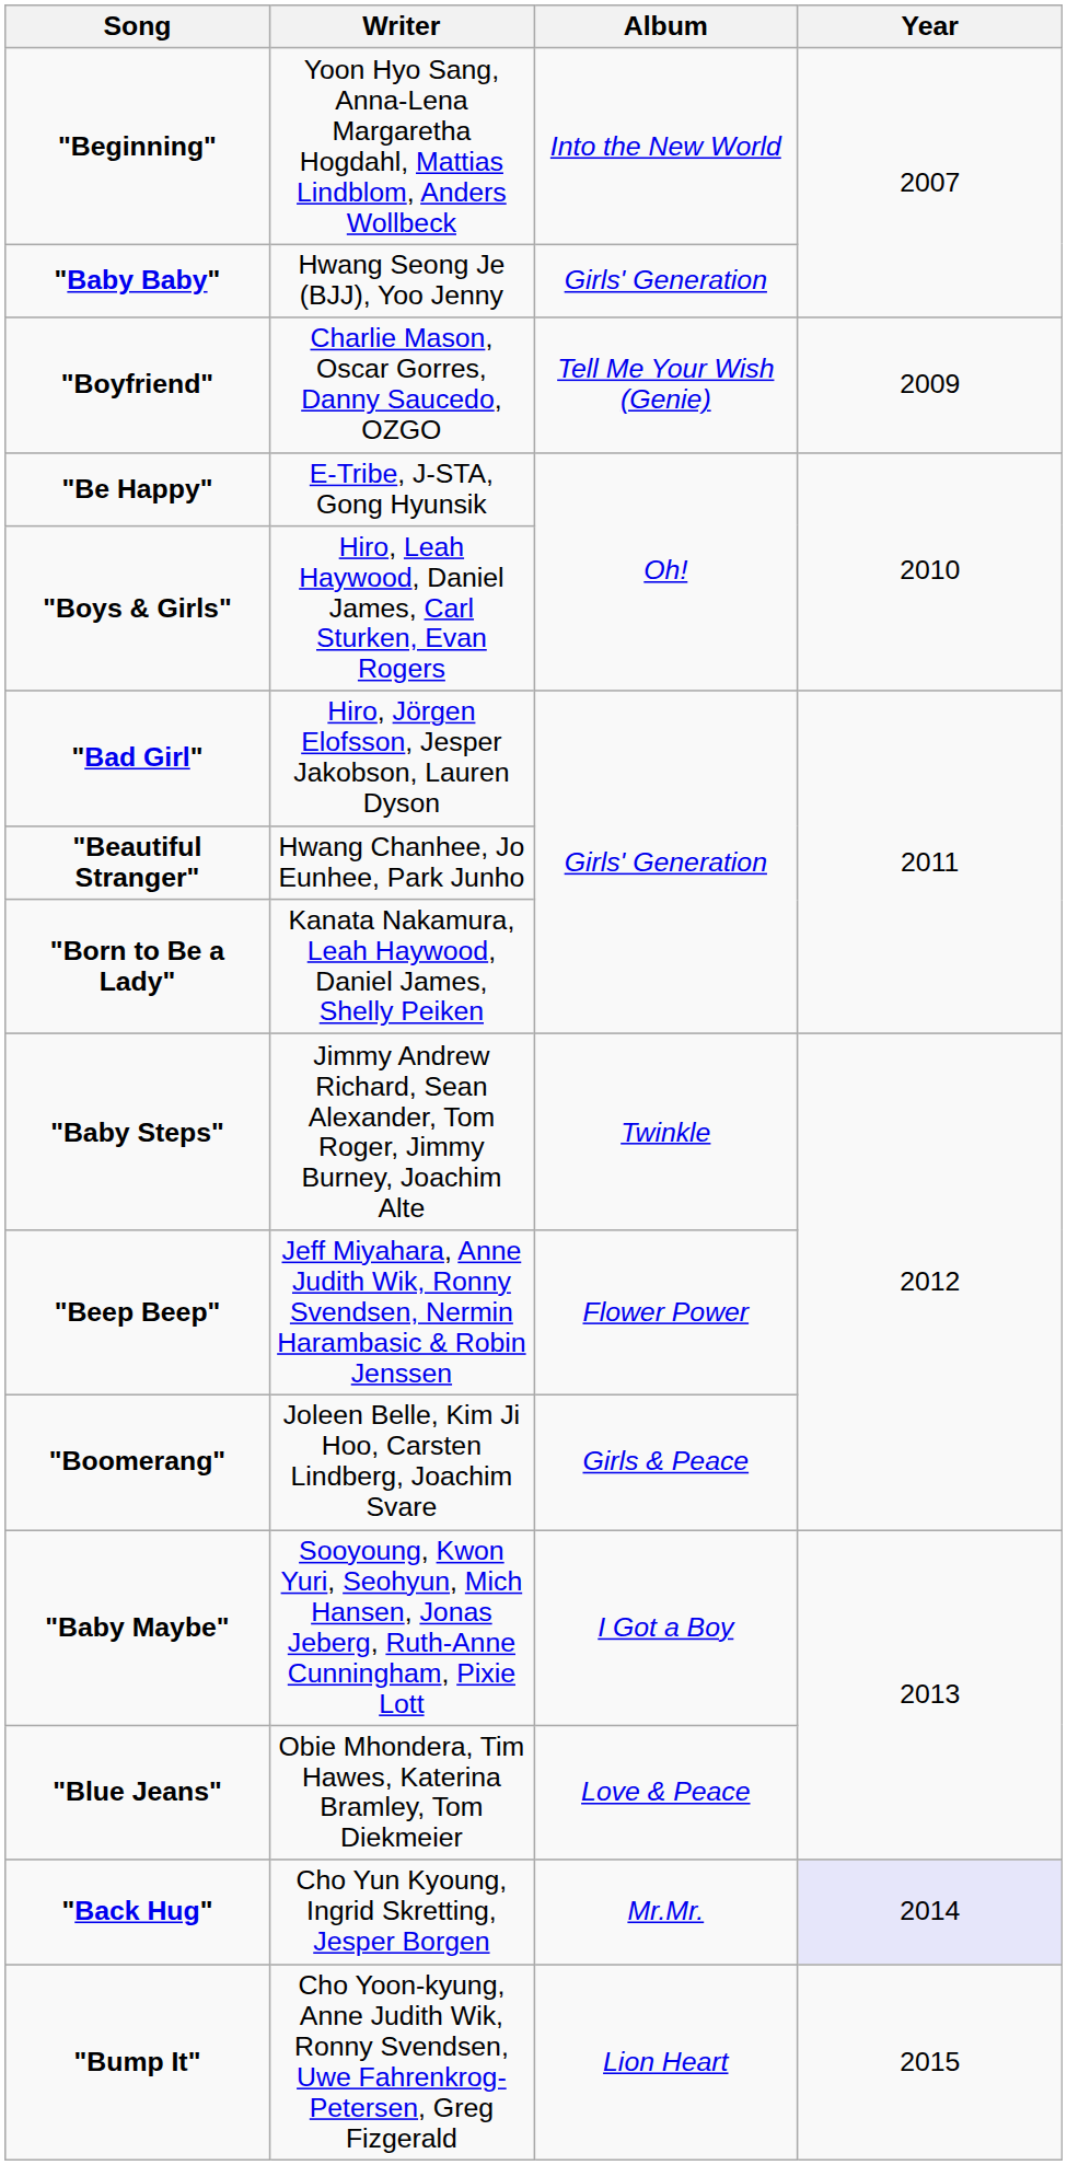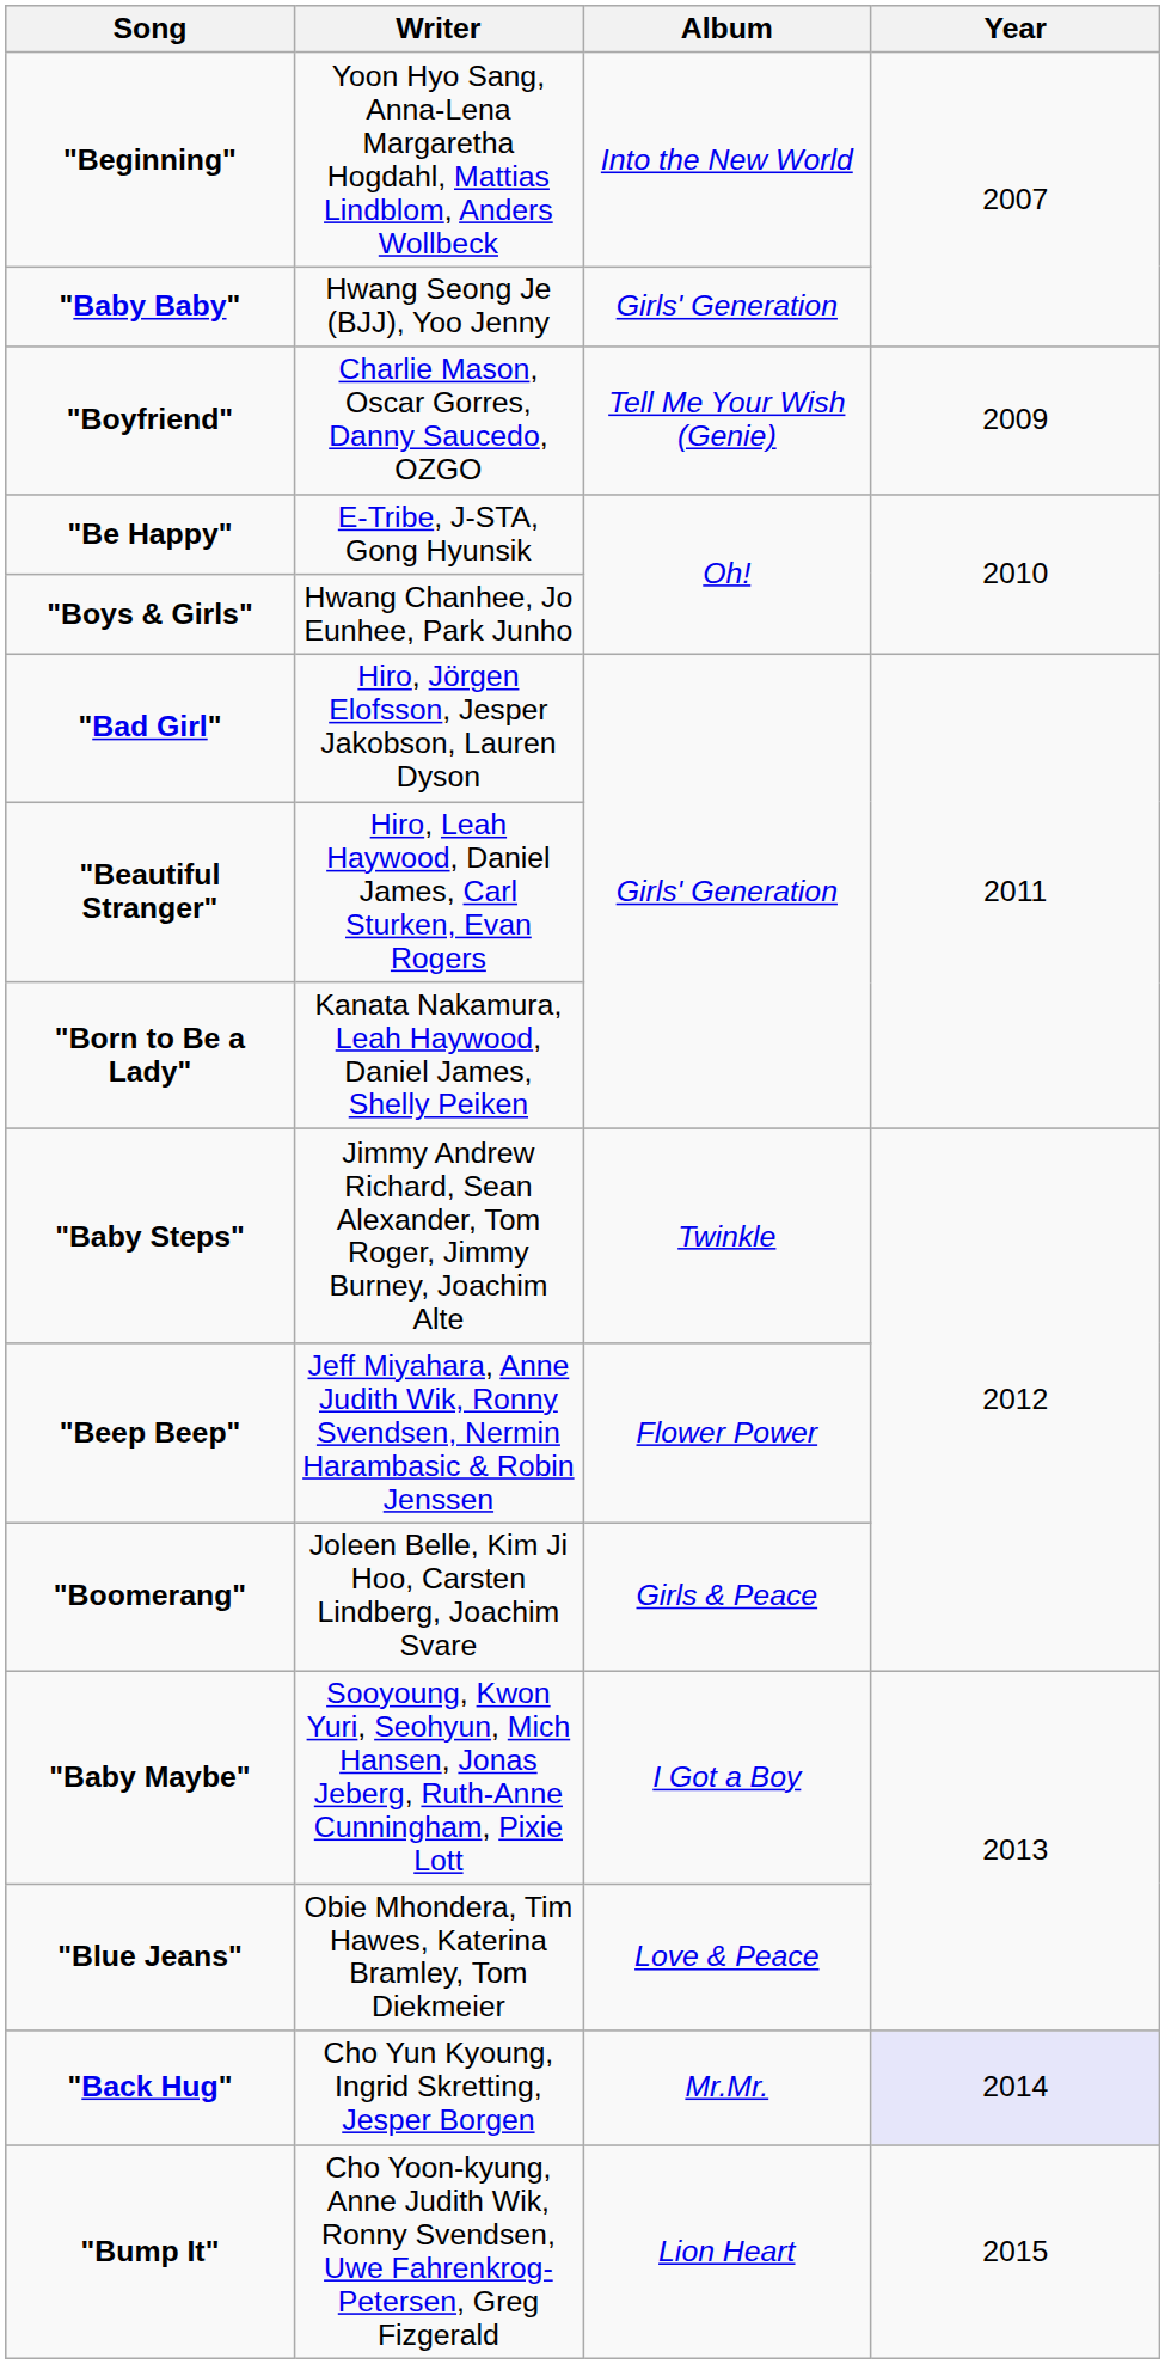 <table class="wikitable" style="text-align:center; width:100%">
 <tr>
 <th style="width:25%">Song</th>
 <th style="width:25%">Writer</th>
 <th style="width:25%">Album</th>
 <th style="width:25%">Year</th>
 </tr>
 <tr>
 <td><strong>"Beginning"</strong></td>
 <td>Yoon Hyo Sang, Anna-Lena Margaretha Hogdahl, <a href='#'>Mattias Lindblom</a>, <a href='#'>Anders Wollbeck</a></td>
 <td><em><a href='#'>Into the New World</a></em></td>
 <td rowspan="2">2007</td>
 </tr>
 <tr>
 <td><strong>"<a href='#'>Baby Baby</a>"</strong></td>
 <td>Hwang Seong Je (BJJ), Yoo Jenny</td>
 <td><em><a href='#'>Girls' Generation</a></em></td>
 </tr>
 <tr>
 <td><strong>"Boyfriend"</strong></td>
 <td><a href='#'>Charlie Mason</a>, Oscar Gorres, <a href='#'>Danny Saucedo</a>, OZGO</td>
 <td><em><a href='#'>Tell Me Your Wish (Genie)</a></em></td>
 <td>2009</td>
 </tr>
 <tr>
 <td><strong>"Be Happy"</strong></td>
 <td><a href='#'>E-Tribe</a>, J-STA, Gong Hyunsik</td>
 <td rowspan="2"><em><a href='#'>Oh!</a></em></td>
 <td rowspan="2">2010</td>
 </tr>
 <tr>
 <td><strong>"Boys & Girls"</strong></td>
-<td><a href='#'>Hiro</a>, <a href='#'>Leah Haywood</a>, Daniel James, <a href='#'>Carl Sturken, Evan Rogers</a></td>
+<td>Hwang Chanhee, Jo Eunhee, Park Junho</td>
 </tr>
 <tr>
 <td><strong>"<a href='#'>Bad Girl</a>"</strong></td>
 <td><a href='#'>Hiro</a>, <a href='#'>Jörgen Elofsson</a>, Jesper Jakobson, Lauren Dyson</td>
 <td rowspan="3"><em><a href='#'>Girls' Generation</a></em></td>
 <td rowspan="3">2011</td>
 </tr>
 <tr>
 <td><strong>"Beautiful Stranger"</strong></td>
-<td>Hwang Chanhee, Jo Eunhee, Park Junho</td>
+<td><a href='#'>Hiro</a>, <a href='#'>Leah Haywood</a>, Daniel James, <a href='#'>Carl Sturken, Evan Rogers</a></td>
 </tr>
 <tr>
 <td><strong>"Born to Be a Lady"</strong></td>
 <td>Kanata Nakamura, <a href='#'>Leah Haywood</a>, Daniel James, <a href='#'>Shelly Peiken</a></td>
 </tr>
 <tr>
 <td><strong>"Baby Steps"</strong></td>
 <td>Jimmy Andrew Richard, Sean Alexander, Tom Roger, Jimmy Burney, Joachim Alte</td>
 <td><em><a href='#'>Twinkle</a></em></td>
 <td rowspan="3">2012</td>
 </tr>
 <tr>
 <td><strong>"Beep Beep"</strong></td>
 <td><a href='#'>Jeff Miyahara</a>, <a href='#'>Anne Judith Wik, Ronny Svendsen, Nermin Harambasic & Robin Jenssen</a></td>
 <td><em><a href='#'>Flower Power</a></em></td>
 </tr>
 <tr>
 <td><strong>"Boomerang"</strong></td>
 <td>Joleen Belle, Kim Ji Hoo, Carsten Lindberg, Joachim Svare</td>
 <td><em><a href='#'>Girls & Peace</a></em></td>
 </tr>
 <tr>
 <td><strong>"Baby Maybe"</strong></td>
 <td><a href='#'>Sooyoung</a>, <a href='#'>Kwon Yuri</a>, <a href='#'>Seohyun</a>, <a href='#'>Mich Hansen</a>, <a href='#'>Jonas Jeberg</a>, <a href='#'>Ruth-Anne Cunningham</a>, <a href='#'>Pixie Lott</a></td>
 <td><em><a href='#'>I Got a Boy</a></em></td>
 <td rowspan="2">2013</td>
 </tr>
 <tr>
 <td><strong>"Blue Jeans"</strong></td>
 <td>Obie Mhondera, Tim Hawes, Katerina Bramley, Tom Diekmeier</td>
 <td><em><a href='#'>Love & Peace</a></em></td>
 </tr>
 <tr>
 <td><strong>"<a href='#'>Back Hug</a>"</strong></td>
 <td>Cho Yun Kyoung, Ingrid Skretting, <a href='#'>Jesper Borgen</a></td>
 <td><em><a href='#'>Mr.Mr.</a></em></td>
 <td style="background: lavender;">2014</td>
 </tr>
 <tr>
 <td><strong>"Bump It"</strong></td>
 <td>Cho Yoon-kyung, Anne Judith Wik, Ronny Svendsen, <a href='#'>Uwe Fahrenkrog-Petersen</a>, Greg Fizgerald</td>
 <td><em><a href='#'>Lion Heart</a></em></td>
 <td>2015</td>
 </tr>
 </table>
